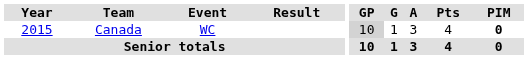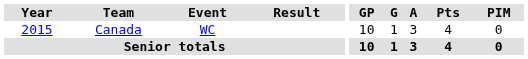 <table border="0" cellpadding="1" cellspacing="0" ID="Table3" style="text-align:center; width:40em">
 <tr ALIGN="center" bgcolor="#e0e0e0">
 <th>Year</th>
 <th>Team</th>
 <th>Event</th>
 <th>Result</th>
 <th rowspan="99" bgcolor="#ffffff"></th>
 <th>GP</th>
 <th>G</th>
 <th>A</th>
 <th>Pts</th>
 <th>PIM</th>
 </tr>
 <tr ALIGN="center">
 <td><a href='#'>2015</a></td>
 <td><a href='#'>Canada</a></td>
 <td><a href='#'>WC</a></td>
 <td></td>
-<td style="background: lightgrey;">10</td>
+<td>10</td>
 <td>1</td>
 <td>3</td>
 <td>4</td>
-<td><strong>0</strong></td>
+<td>0</td>
 </tr>
 <tr bgcolor="#e0e0e0">
 <th colspan="4">Senior totals</th>
 <th>10</th>
 <th>1</th>
 <th>3</th>
 <th>4</th>
 <th>0</th>
 </tr>
 </table>
